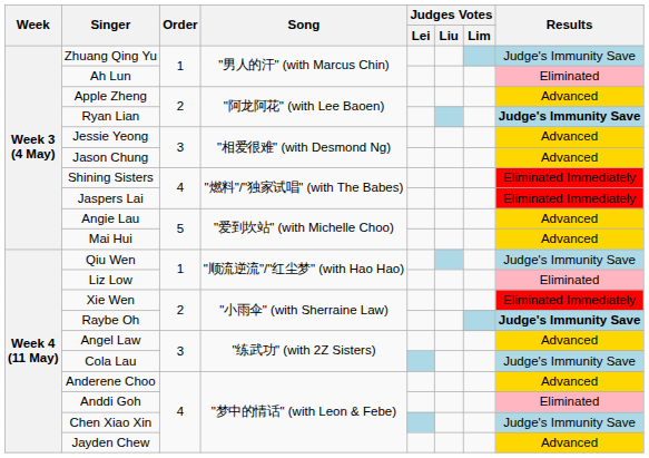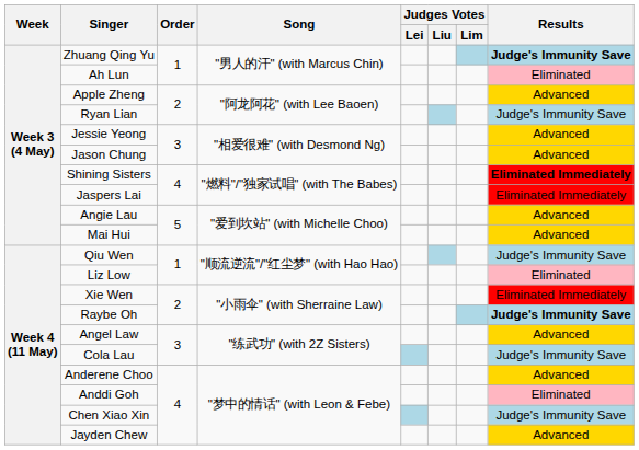 <table class="wikitable plainrowheaders" style="text-align:center;">
 <tr>
 <th rowspan="2" scope="col">Week</th>
 <th rowspan="2" scope="col">Singer</th>
 <th rowspan="2" scope="col">Order</th>
 <th rowspan="2" scope="col">Song</th>
 <th colspan="3">Judges Votes</th>
 <th rowspan="2" scope="col">Results</th>
 </tr>
 <tr>
 <th scope="col">Lei</th>
 <th scope="col">Liu</th>
 <th scope="col">Lim</th>
 </tr>
 <tr>
 <th rowspan="10">Week 3<br>(4 May)</th>
 <td>Zhuang Qing Yu</td>
 <td rowspan="2">1</td>
 <td rowspan="2">"男人的汗" (with Marcus Chin)</td>
 <td></td>
 <td></td>
 <td style="background:lightblue"></td>
-<td style="background:lightblue">Judge's Immunity Save</td>
+<td style="background:lightblue"><strong>Judge's Immunity Save</strong></td>
 </tr>
 <tr>
 <td>Ah Lun</td>
 <td></td>
 <td></td>
 <td></td>
 <td style="background:lightpink;">Eliminated</td>
 </tr>
 <tr>
 <td>Apple Zheng</td>
 <td rowspan="2">2</td>
 <td rowspan="2">"阿龙阿花" (with Lee Baoen)</td>
 <td></td>
 <td></td>
 <td></td>
 <td style="background:gold">Advanced</td>
 </tr>
 <tr>
 <td>Ryan Lian</td>
 <td></td>
 <td style="background:lightblue"></td>
 <td></td>
-<td style="background:lightblue"><strong>Judge's Immunity Save</strong></td>
+<td style="background:lightblue">Judge's Immunity Save</td>
 </tr>
 <tr>
 <td>Jessie Yeong</td>
 <td rowspan="2">3</td>
 <td rowspan="2">"相爱很难" (with Desmond Ng)</td>
 <td></td>
 <td></td>
 <td></td>
 <td style="background:gold">Advanced</td>
 </tr>
 <tr>
 <td>Jason Chung</td>
 <td></td>
 <td></td>
 <td></td>
 <td style="background:gold">Advanced</td>
 </tr>
 <tr>
 <td>Shining Sisters</td>
 <td rowspan="2">4</td>
 <td rowspan="2">"燃料"/"独家试唱" (with The Babes)</td>
 <td></td>
 <td></td>
 <td></td>
-<td style="background:red">Eliminated Immediately</td>
+<td style="background:red"><strong>Eliminated Immediately</strong></td>
 </tr>
 <tr>
 <td>Jaspers Lai</td>
 <td></td>
 <td></td>
 <td></td>
 <td style="background:red">Eliminated Immediately</td>
 </tr>
 <tr>
 <td>Angie Lau</td>
 <td rowspan="2">5</td>
 <td rowspan="2">"爱到坎站" (with Michelle Choo)</td>
 <td></td>
 <td></td>
 <td></td>
 <td style="background:gold">Advanced</td>
 </tr>
 <tr>
 <td>Mai Hui</td>
 <td></td>
 <td></td>
 <td></td>
 <td style="background:gold">Advanced</td>
 </tr>
 <tr>
 <th rowspan="10">Week 4<br>(11 May)</th>
 <td>Qiu Wen</td>
 <td rowspan="2">1</td>
 <td rowspan="2">"顺流逆流"/"红尘梦" (with Hao Hao)</td>
 <td></td>
 <td style="background:lightblue"></td>
 <td></td>
 <td style="background:lightblue">Judge's Immunity Save</td>
 </tr>
 <tr>
 <td>Liz Low</td>
 <td></td>
 <td></td>
 <td></td>
 <td style="background:lightpink;">Eliminated</td>
 </tr>
 <tr>
 <td>Xie Wen</td>
 <td rowspan="2">2</td>
 <td rowspan="2">"小雨伞" (with Sherraine Law)</td>
 <td></td>
 <td></td>
 <td></td>
 <td style="background:red">Eliminated Immediately</td>
 </tr>
 <tr>
 <td>Raybe Oh</td>
 <td></td>
 <td></td>
 <td style="background:lightblue"></td>
 <td style="background:lightblue"><strong>Judge's Immunity Save</strong></td>
 </tr>
 <tr>
 <td>Angel Law</td>
 <td rowspan="2">3</td>
 <td rowspan="2">"练武功" (with 2Z Sisters)</td>
 <td></td>
 <td></td>
 <td></td>
 <td style="background:gold">Advanced</td>
 </tr>
 <tr>
 <td>Cola Lau</td>
 <td style="background:lightblue"></td>
 <td></td>
 <td></td>
 <td style="background:lightblue">Judge's Immunity Save</td>
 </tr>
 <tr>
 <td>Anderene Choo</td>
 <td rowspan="4">4</td>
 <td rowspan="4">"梦中的情话" (with Leon & Febe)</td>
 <td></td>
 <td></td>
 <td></td>
 <td style="background:gold">Advanced</td>
 </tr>
 <tr>
 <td>Anddi Goh</td>
 <td></td>
 <td></td>
 <td></td>
 <td style="background:lightpink;">Eliminated</td>
 </tr>
 <tr>
 <td>Chen Xiao Xin</td>
 <td style="background:lightblue"></td>
 <td></td>
 <td></td>
 <td style="background:lightblue">Judge's Immunity Save</td>
 </tr>
 <tr>
 <td>Jayden Chew</td>
 <td></td>
 <td></td>
 <td></td>
 <td style="background:gold">Advanced</td>
 </tr>
 </table>
